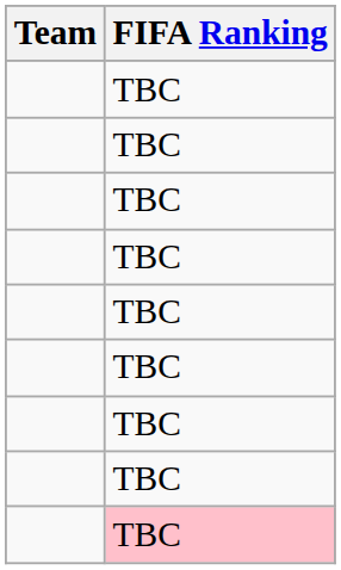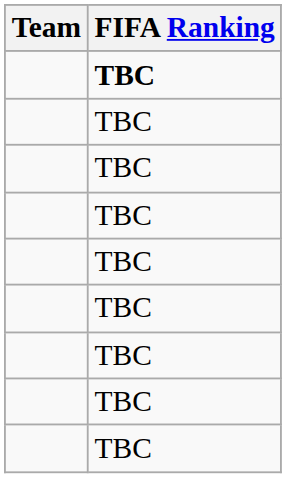 <table class="wikitable sortable" style="text-align: left;">
 <tr>
 <th>Team</th>
 <th>FIFA <a href='#'>Ranking</a></th>
+</tr>
+<tr>
+<td></td>
+<td><strong>TBC</strong></td>
 </tr>
 <tr>
 <td></td>
 <td>TBC</td>
 </tr>
 <tr>
 <td></td>
 <td>TBC</td>
 </tr>
 <tr>
 <td></td>
 <td>TBC</td>
 </tr>
 <tr>
 <td></td>
 <td>TBC</td>
 </tr>
 <tr>
 <td></td>
 <td>TBC</td>
 </tr>
 <tr>
 <td></td>
 <td>TBC</td>
 </tr>
 <tr>
 <td></td>
 <td>TBC</td>
 </tr>
 <tr>
 <td></td>
 <td>TBC</td>
 </tr>
-<tr>
-<td></td>
-<td style="background: pink;">TBC</td>
-</tr>
 </table>
